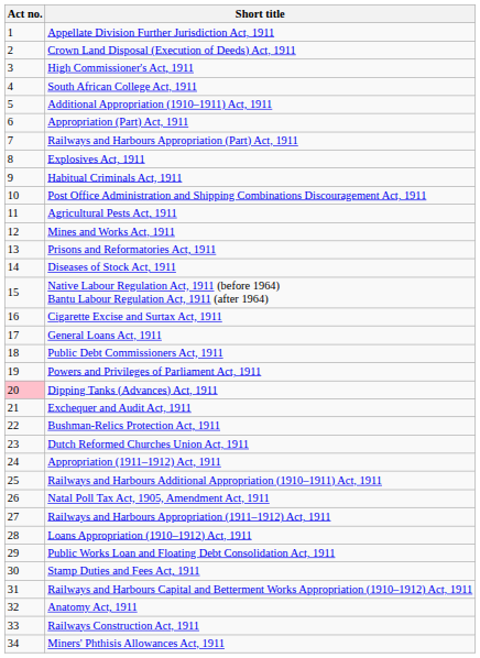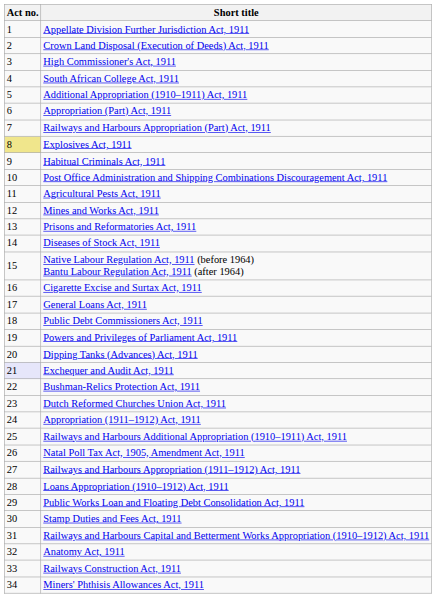 <table class="wikitable sortable">
 <tr>
 <th>Act no.</th>
 <th>Short title</th>
 </tr>
 <tr>
 <td>1</td>
 <td><a href='#'>Appellate Division Further Jurisdiction Act, 1911</a></td>
 </tr>
 <tr>
 <td>2</td>
 <td><a href='#'>Crown Land Disposal (Execution of Deeds) Act, 1911</a></td>
 </tr>
 <tr>
 <td>3</td>
 <td><a href='#'>High Commissioner's Act, 1911</a></td>
 </tr>
 <tr>
 <td>4</td>
 <td><a href='#'>South African College Act, 1911</a></td>
 </tr>
 <tr>
 <td>5</td>
 <td><a href='#'>Additional Appropriation (1910–1911) Act, 1911</a></td>
 </tr>
 <tr>
 <td>6</td>
 <td><a href='#'>Appropriation (Part) Act, 1911</a></td>
 </tr>
 <tr>
 <td>7</td>
 <td><a href='#'>Railways and Harbours Appropriation (Part) Act, 1911</a></td>
 </tr>
 <tr>
-<td>8</td>
+<td style="background: khaki;">8</td>
 <td><a href='#'>Explosives Act, 1911</a></td>
 </tr>
 <tr>
 <td>9</td>
 <td><a href='#'>Habitual Criminals Act, 1911</a></td>
 </tr>
 <tr>
 <td>10</td>
 <td><a href='#'>Post Office Administration and Shipping Combinations Discouragement Act, 1911</a></td>
 </tr>
 <tr>
 <td>11</td>
 <td><a href='#'>Agricultural Pests Act, 1911</a></td>
 </tr>
 <tr>
 <td>12</td>
 <td><a href='#'>Mines and Works Act, 1911</a></td>
 </tr>
 <tr>
 <td>13</td>
 <td><a href='#'>Prisons and Reformatories Act, 1911</a></td>
 </tr>
 <tr>
 <td>14</td>
 <td><a href='#'>Diseases of Stock Act, 1911</a></td>
 </tr>
 <tr>
 <td>15</td>
 <td><a href='#'>Native Labour Regulation Act, 1911</a> (before 1964) <br><a href='#'>Bantu Labour Regulation Act, 1911</a> (after 1964)</td>
 </tr>
 <tr>
 <td>16</td>
 <td><a href='#'>Cigarette Excise and Surtax Act, 1911</a></td>
 </tr>
 <tr>
 <td>17</td>
 <td><a href='#'>General Loans Act, 1911</a></td>
 </tr>
 <tr>
 <td>18</td>
 <td><a href='#'>Public Debt Commissioners Act, 1911</a></td>
 </tr>
 <tr>
 <td>19</td>
 <td><a href='#'>Powers and Privileges of Parliament Act, 1911</a></td>
 </tr>
 <tr>
-<td style="background: pink;">20</td>
+<td>20</td>
 <td><a href='#'>Dipping Tanks (Advances) Act, 1911</a></td>
 </tr>
 <tr>
-<td>21</td>
+<td style="background: lavender;">21</td>
 <td><a href='#'>Exchequer and Audit Act, 1911</a></td>
 </tr>
 <tr>
 <td>22</td>
 <td><a href='#'>Bushman-Relics Protection Act, 1911</a></td>
 </tr>
 <tr>
 <td>23</td>
 <td><a href='#'>Dutch Reformed Churches Union Act, 1911</a></td>
 </tr>
 <tr>
 <td>24</td>
 <td><a href='#'>Appropriation (1911–1912) Act, 1911</a></td>
 </tr>
 <tr>
 <td>25</td>
 <td><a href='#'>Railways and Harbours Additional Appropriation (1910–1911) Act, 1911</a></td>
 </tr>
 <tr>
 <td>26</td>
 <td><a href='#'>Natal Poll Tax Act, 1905, Amendment Act, 1911</a></td>
 </tr>
 <tr>
 <td>27</td>
 <td><a href='#'>Railways and Harbours Appropriation (1911–1912) Act, 1911</a></td>
 </tr>
 <tr>
 <td>28</td>
 <td><a href='#'>Loans Appropriation (1910–1912) Act, 1911</a></td>
 </tr>
 <tr>
 <td>29</td>
 <td><a href='#'>Public Works Loan and Floating Debt Consolidation Act, 1911</a></td>
 </tr>
 <tr>
 <td>30</td>
 <td><a href='#'>Stamp Duties and Fees Act, 1911</a></td>
 </tr>
 <tr>
 <td>31</td>
 <td><a href='#'>Railways and Harbours Capital and Betterment Works Appropriation (1910–1912) Act, 1911</a></td>
 </tr>
 <tr>
 <td>32</td>
 <td><a href='#'>Anatomy Act, 1911</a></td>
 </tr>
 <tr>
 <td>33</td>
 <td><a href='#'>Railways Construction Act, 1911</a></td>
 </tr>
 <tr>
 <td>34</td>
 <td><a href='#'>Miners' Phthisis Allowances Act, 1911</a></td>
 </tr>
 </table>
